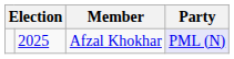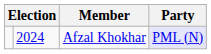 <table class="wikitable">
 <tr>
 <th colspan="2">Election</th>
 <th>Member</th>
 <th>Party</th>
 </tr>
 <tr>
 <td style="background-color: "></td>
-<td><a href='#'>2025</a></td>
+<td><a href='#'>2024</a></td>
 <td><a href='#'>Afzal Khokhar</a></td>
 <td style="background: lavender;"><a href='#'>PML (N)</a></td>
 </tr>
 </table>
